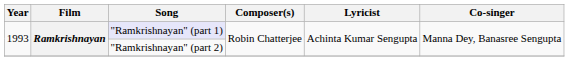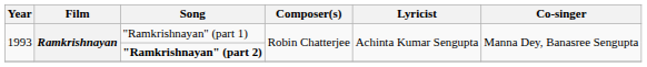 <table class="sortable wikitable">
 <tr>
 <th>Year</th>
 <th>Film</th>
 <th>Song</th>
 <th>Composer(s)</th>
 <th>Lyricist</th>
 <th>Co-singer</th>
 </tr>
 <tr>
 <td rowspan=2>1993</td>
 <th Rowspan=2><em>Ramkrishnayan</em></th>
-<td style="background: lavender;">"Ramkrishnayan" (part 1)</td>
+<td>"Ramkrishnayan" (part 1)</td>
 <td rowspan=2>Robin Chatterjee</td>
 <td rowspan=2>Achinta Kumar Sengupta</td>
 <td rowspan=2>Manna Dey, Banasree Sengupta</td>
 </tr>
 <tr>
-<td>"Ramkrishnayan" (part 2)</td>
+<td><strong>"Ramkrishnayan" (part 2)</strong></td>
 </tr>
 <tr>
 </tr>
 </table>
